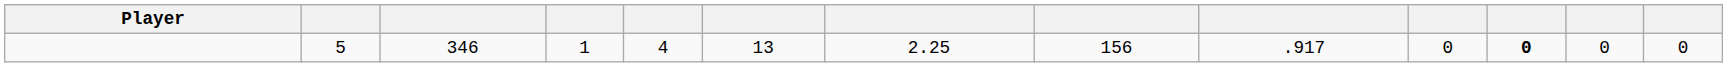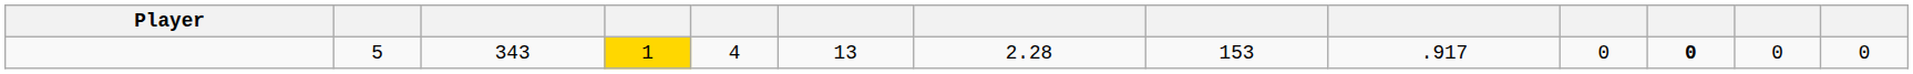 <table class="wikitable sortable" style="width:100%;">
 <tr style="text-align:center; background:#ddd;">
 <th>Player</th>
 <th></th>
 <th></th>
 <th></th>
 <th></th>
 <th></th>
 <th></th>
 <th></th>
 <th></th>
 <th></th>
 <th></th>
 <th></th>
 <th></th>
 </tr>
 <tr align=center>
 <td></td>
 <td>5</td>
-<td>346</td>
-<td>1</td>
+<td>343</td>
+<td style="background: gold;">1</td>
 <td>4</td>
 <td>13</td>
-<td>2.25</td>
-<td>156</td>
+<td>2.28</td>
+<td>153</td>
 <td>.917</td>
 <td>0</td>
 <td><strong>0</strong></td>
 <td>0</td>
 <td>0</td>
 </tr>
 </table>
